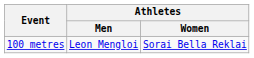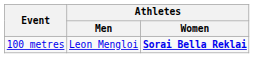 <table class=wikitable style="font-size:90%">
 <tr>
 <th rowspan=2>Event</th>
 <th colspan=2>Athletes</th>
 </tr>
 <tr>
 <th>Men</th>
 <th>Women</th>
 </tr>
 <tr>
 <td><a href='#'>100 metres</a></td>
 <td><a href='#'>Leon Mengloi</a></td>
-<td><a href='#'>Sorai Bella Reklai</a></td>
+<td><strong><a href='#'>Sorai Bella Reklai</a></strong></td>
 </tr>
 </table>
